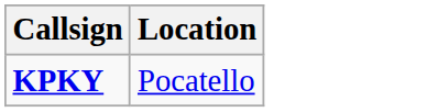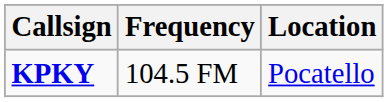 <table class="wikitable sortable">
 <tr>
 <th>Callsign</th>
+<th>Frequency</th>
 <th>Location</th>
 </tr>
 <tr>
 <td><strong><a href='#'>KPKY</a></strong></td>
+<td data-sort-value=104500>104.5 FM</td>
 <td><a href='#'>Pocatello</a></td>
 </tr>
 </table>
